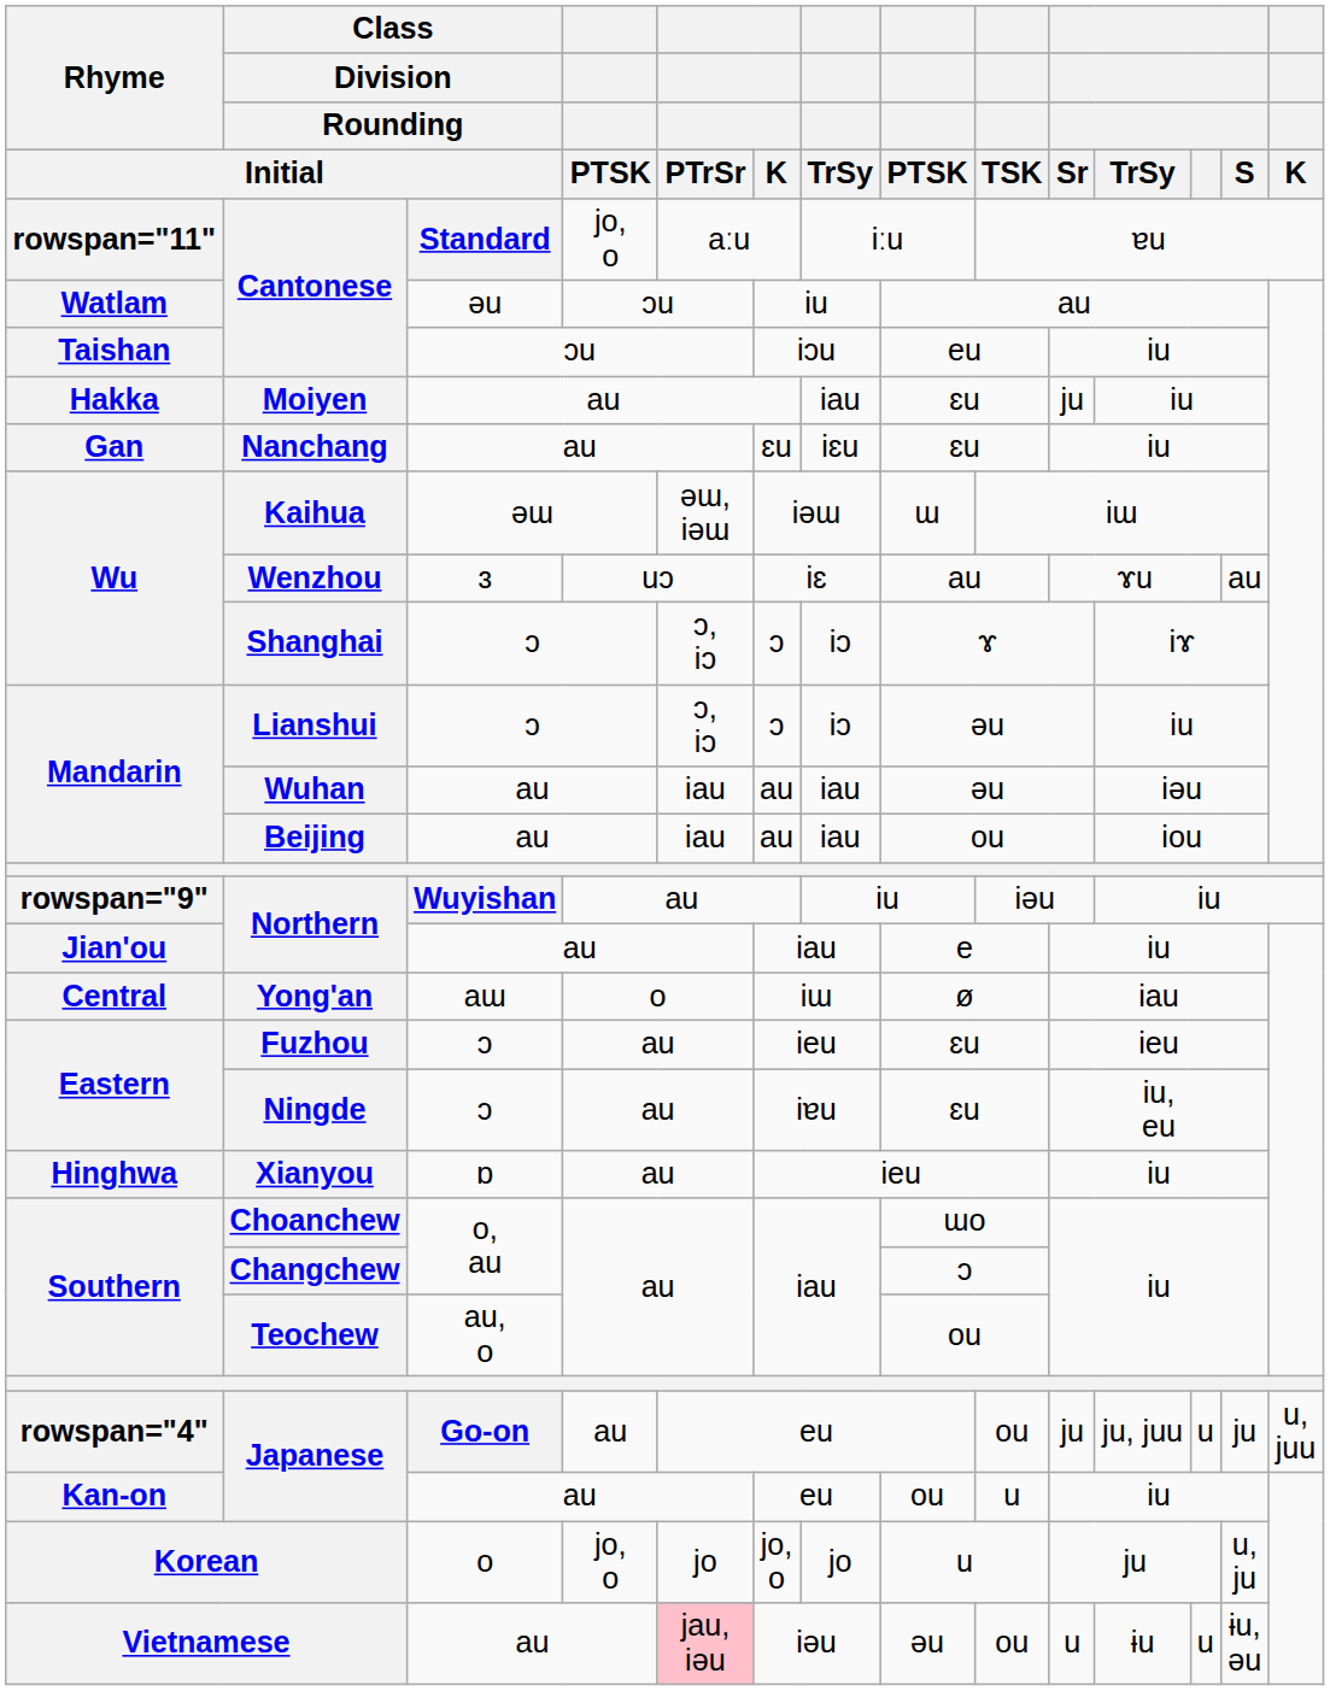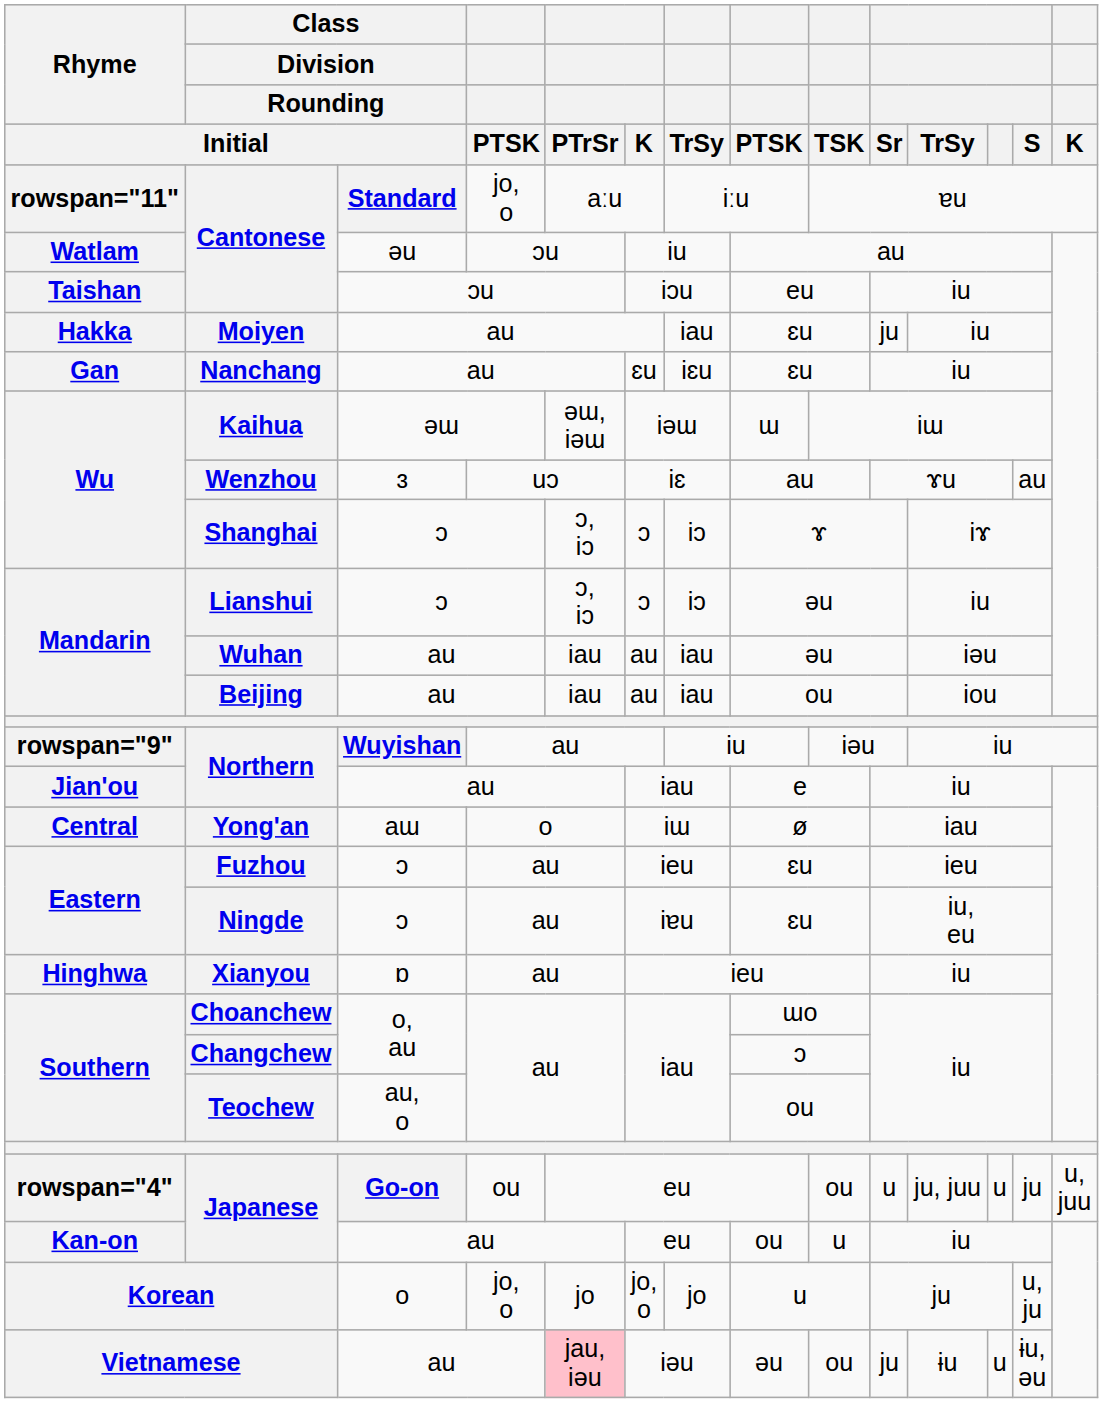 <table class="wikitable" style="text-align: center;">
 <tr>
 <th rowspan="3">Rhyme</th>
 <th colspan="2">Class</th>
 <th></th>
 <th colspan="2"></th>
 <th></th>
 <th></th>
 <th></th>
 <th colspan="4"></th>
 <th></th>
 </tr>
 <tr>
 <th colspan="2">Division</th>
 <th></th>
 <th colspan="2"></th>
 <th></th>
 <th></th>
 <th></th>
 <th colspan="4"></th>
 <th></th>
 </tr>
 <tr>
 <th colspan="2">Rounding</th>
 <th></th>
 <th colspan="2"></th>
 <th></th>
 <th></th>
 <th></th>
 <th colspan="4"></th>
 <th></th>
 </tr>
 <tr>
 <th colspan="3">Initial</th>
 <th>PTSK</th>
 <th>PTrSr</th>
 <th>K</th>
 <th>TrSy</th>
 <th>PTSK</th>
 <th>TSK</th>
 <th>Sr</th>
 <th>TrSy</th>
 <th></th>
 <th>S</th>
 <th>K</th>
 </tr>
 <tr>
 <th>rowspan="11" </th>
 <th rowspan="3"><a href='#'>Cantonese</a></th>
 <th><a href='#'>Standard</a></th>
 <td>jo,<br>o</td>
 <td colspan="2">aːu</td>
 <td colspan="2">iːu</td>
 <td colspan="6">ɐu</td>
 </tr>
 <tr>
 <th><a href='#'>Watlam</a></th>
 <td>əu</td>
 <td colspan="2">ɔu</td>
 <td colspan="2">iu</td>
 <td colspan="6">au</td>
 </tr>
 <tr>
 <th><a href='#'>Taishan</a></th>
 <td colspan="3">ɔu</td>
 <td colspan="2">iɔu</td>
 <td colspan="2">eu</td>
 <td colspan="4">iu</td>
 </tr>
 <tr>
 <th><a href='#'>Hakka</a></th>
 <th><a href='#'>Moiyen</a></th>
 <td colspan="4">au</td>
 <td>iau</td>
 <td colspan="2">ɛu</td>
 <td>ju</td>
 <td colspan="3">iu</td>
 </tr>
 <tr>
 <th><a href='#'>Gan</a></th>
 <th><a href='#'>Nanchang</a></th>
 <td colspan="3">au</td>
 <td>ɛu</td>
 <td>iɛu</td>
 <td colspan="2">ɛu</td>
 <td colspan="4">iu</td>
 </tr>
 <tr>
 <th rowspan="3"><a href='#'>Wu</a></th>
 <th><a href='#'>Kaihua</a></th>
 <td colspan="2">əɯ</td>
 <td>əɯ,<br>iəɯ</td>
 <td colspan="2">iəɯ</td>
 <td>ɯ</td>
 <td colspan="5">iɯ</td>
 </tr>
 <tr>
 <th><a href='#'>Wenzhou</a></th>
 <td>ɜ</td>
 <td colspan="2">uɔ</td>
 <td colspan="2">iɛ</td>
 <td colspan="2">au</td>
 <td colspan="3">ɤu</td>
 <td>au</td>
 </tr>
 <tr>
 <th><a href='#'>Shanghai</a></th>
 <td colspan="2">ɔ</td>
 <td>ɔ,<br>iɔ</td>
 <td>ɔ</td>
 <td>iɔ</td>
 <td colspan="3">ɤ</td>
 <td colspan="3">iɤ</td>
 </tr>
 <tr>
 <th rowspan="3"><a href='#'>Mandarin</a></th>
 <th><a href='#'>Lianshui</a></th>
 <td colspan="2">ɔ</td>
 <td>ɔ,<br>iɔ</td>
 <td>ɔ</td>
 <td>iɔ</td>
 <td colspan="3">əu</td>
 <td colspan="3">iu</td>
 </tr>
 <tr>
 <th><a href='#'>Wuhan</a></th>
 <td colspan="2">au</td>
 <td>iau</td>
 <td>au</td>
 <td>iau</td>
 <td colspan="3">əu</td>
 <td colspan="3">iəu</td>
 </tr>
 <tr>
 <th><a href='#'>Beijing</a></th>
 <td colspan="2">au</td>
 <td>iau</td>
 <td>au</td>
 <td>iau</td>
 <td colspan="3">ou</td>
 <td colspan="3">iou</td>
 </tr>
 <tr>
 <th colspan="14"></th>
 </tr>
 <tr>
 <th>rowspan="9" </th>
 <th rowspan="2"><a href='#'>Northern</a></th>
 <th><a href='#'>Wuyishan</a></th>
 <td colspan="3">au</td>
 <td colspan="2">iu</td>
 <td colspan="2">iəu</td>
 <td colspan="4">iu</td>
 </tr>
 <tr>
 <th><a href='#'>Jian'ou</a></th>
 <td colspan="3">au</td>
 <td colspan="2">iau</td>
 <td colspan="2">e</td>
 <td colspan="4">iu</td>
 </tr>
 <tr>
 <th><a href='#'>Central</a></th>
 <th><a href='#'>Yong'an</a></th>
 <td>aɯ</td>
 <td colspan="2">o</td>
 <td colspan="2">iɯ</td>
 <td colspan="2">ø</td>
 <td colspan="4">iau</td>
 </tr>
 <tr>
 <th rowspan="2"><a href='#'>Eastern</a></th>
 <th><a href='#'>Fuzhou</a></th>
 <td>ɔ</td>
 <td colspan="2">au</td>
 <td colspan="2">ieu</td>
 <td colspan="2">ɛu</td>
 <td colspan="4">ieu</td>
 </tr>
 <tr>
 <th><a href='#'>Ningde</a></th>
 <td>ɔ</td>
 <td colspan="2">au</td>
 <td colspan="2">iɐu</td>
 <td colspan="2">ɛu</td>
 <td colspan="4">iu,<br>eu</td>
 </tr>
 <tr>
 <th><a href='#'>Hinghwa</a></th>
 <th><a href='#'>Xianyou</a></th>
 <td>ɒ</td>
 <td colspan="2">au</td>
 <td colspan="4">ieu</td>
 <td colspan="4">iu</td>
 </tr>
 <tr>
 <th rowspan="3"><a href='#'>Southern</a></th>
 <th><a href='#'>Choanchew</a></th>
 <td rowspan="2">o,<br>au</td>
 <td colspan="2" rowspan="3">au</td>
 <td colspan="2" rowspan="3">iau</td>
 <td colspan="2">ɯo</td>
 <td colspan="4" rowspan="3">iu</td>
 </tr>
 <tr>
 <th><a href='#'>Changchew</a></th>
 <td colspan="2">ɔ</td>
 </tr>
 <tr>
 <th><a href='#'>Teochew</a></th>
 <td>au,<br>o</td>
 <td colspan="2">ou</td>
 </tr>
 <tr>
 <th colspan="14"></th>
 </tr>
 <tr>
 <th>rowspan="4" </th>
 <th rowspan="2"><a href='#'>Japanese</a></th>
 <th><a href='#'>Go-on</a></th>
-<td>au</td>
+<td>ou</td>
 <td colspan="4">eu</td>
 <td>ou</td>
-<td>ju</td>
+<td>u</td>
 <td>ju, juu</td>
 <td>u</td>
 <td>ju</td>
 <td>u,<br>juu</td>
 </tr>
 <tr>
 <th><a href='#'>Kan-on</a></th>
 <td colspan="3">au</td>
 <td colspan="2">eu</td>
 <td>ou</td>
 <td>u</td>
 <td colspan="4">iu</td>
 </tr>
 <tr>
 <th colspan="2"><a href='#'>Korean</a></th>
 <td>o</td>
 <td>jo,<br>o</td>
 <td>jo</td>
 <td>jo,<br>o</td>
 <td>jo</td>
 <td colspan="2">u</td>
 <td colspan="3">ju</td>
 <td>u,<br>ju</td>
 </tr>
 <tr>
 <th colspan="2"><a href='#'>Vietnamese</a></th>
 <td colspan="2">au</td>
 <td style="background: pink;">jau,<br>iəu</td>
 <td colspan="2">iəu</td>
 <td>əu</td>
 <td>ou</td>
-<td>u</td>
+<td>ju</td>
 <td>ɨu</td>
 <td>u</td>
 <td>ɨu,<br>əu</td>
 </tr>
 </table>
